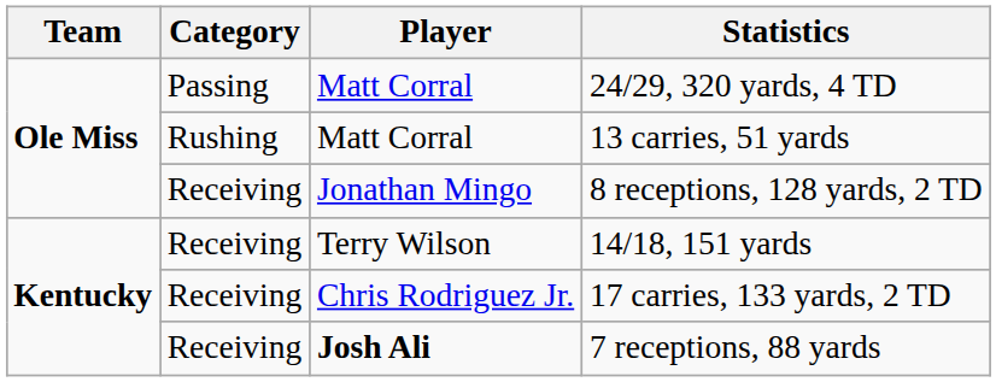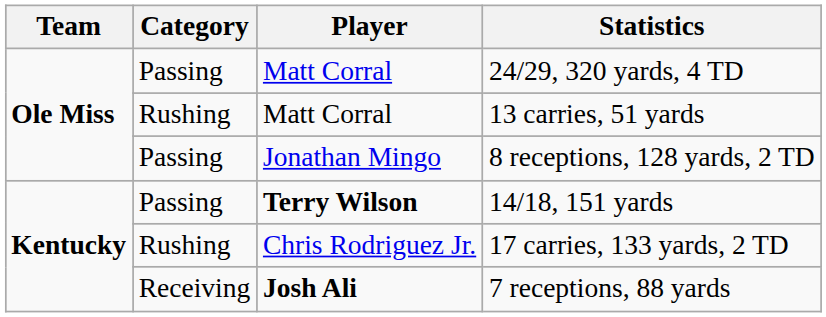 <table class="wikitable" style="float: right;">
 <tr>
 <th>Team</th>
 <th>Category</th>
 <th>Player</th>
 <th>Statistics</th>
 </tr>
 <tr>
 <td rowspan=3><strong>Ole Miss</strong></td>
 <td>Passing</td>
 <td><a href='#'>Matt Corral</a></td>
 <td>24/29, 320 yards, 4 TD</td>
 </tr>
 <tr>
 <td>Rushing</td>
 <td>Matt Corral</td>
 <td>13 carries, 51 yards</td>
 </tr>
 <tr>
-<td>Receiving</td>
+<td>Passing</td>
 <td><a href='#'>Jonathan Mingo</a></td>
 <td>8 receptions, 128 yards, 2 TD</td>
 </tr>
 <tr>
 <td rowspan=3><strong>Kentucky</strong></td>
-<td>Receiving</td>
-<td>Terry Wilson</td>
+<td>Passing</td>
+<td><strong>Terry Wilson</strong></td>
 <td>14/18, 151 yards</td>
 </tr>
 <tr>
-<td>Receiving</td>
+<td>Rushing</td>
 <td><a href='#'>Chris Rodriguez Jr.</a></td>
 <td>17 carries, 133 yards, 2 TD</td>
 </tr>
 <tr>
 <td>Receiving</td>
 <td><strong>Josh Ali</strong></td>
 <td>7 receptions, 88 yards</td>
 </tr>
 </table>
